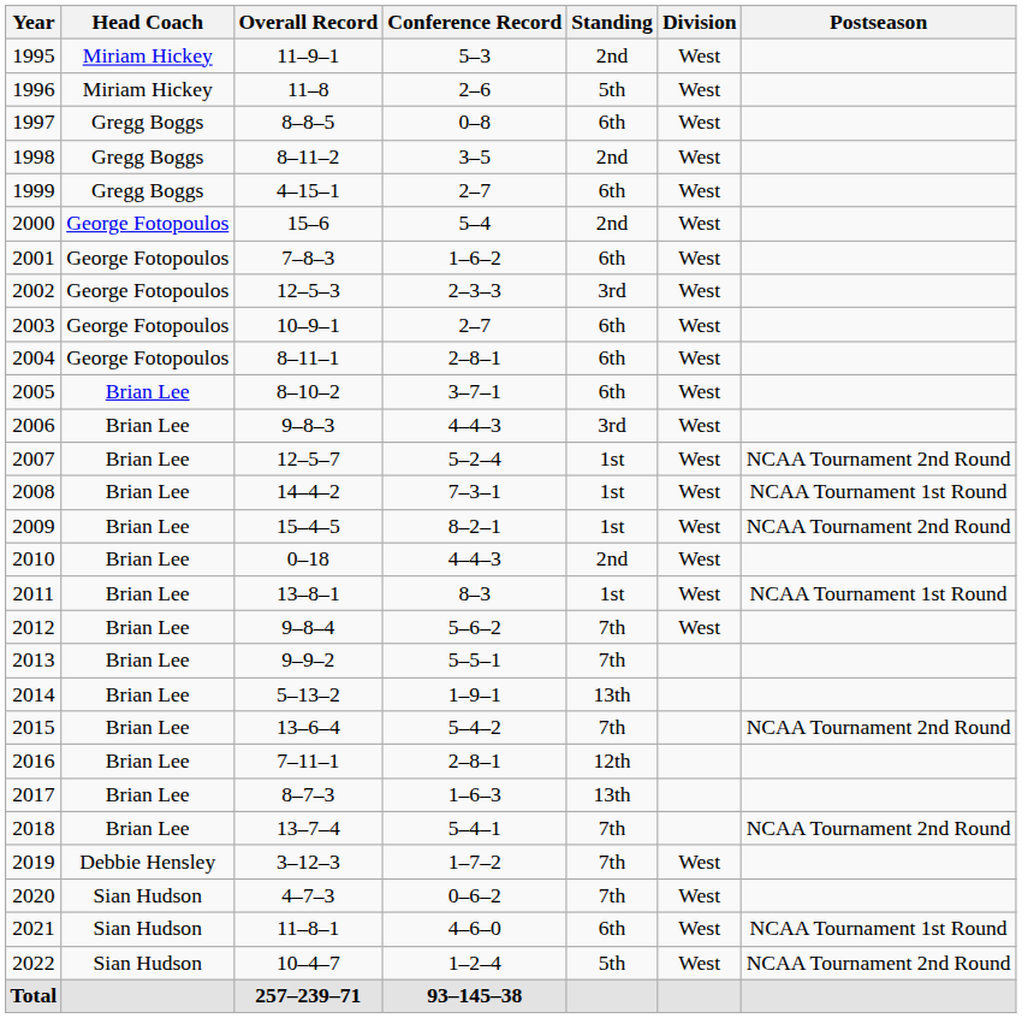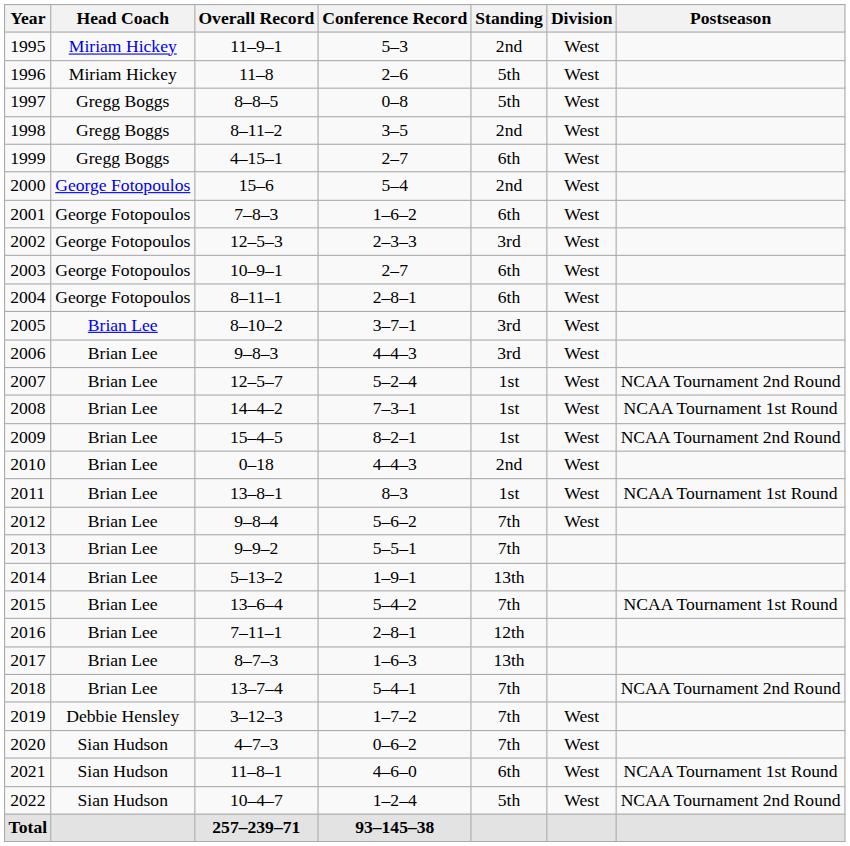 <table class="wikitable" style="text-align:center">
 <tr>
 <th width=px>Year</th>
 <th width=px>Head Coach</th>
 <th width=px>Overall Record</th>
 <th width=px>Conference Record</th>
 <th width=px>Standing</th>
 <th width=px>Division</th>
 <th width=px>Postseason<br></th>
 </tr>
 <tr>
 <td>1995</td>
 <td><a href='#'>Miriam Hickey</a></td>
 <td>11–9–1</td>
 <td>5–3</td>
 <td>2nd</td>
 <td>West</td>
 <td></td>
 </tr>
 <tr>
 <td>1996</td>
 <td>Miriam Hickey</td>
 <td>11–8</td>
 <td>2–6</td>
 <td>5th</td>
 <td>West</td>
 <td></td>
 </tr>
 <tr>
 <td>1997</td>
 <td>Gregg Boggs</td>
 <td>8–8–5</td>
 <td>0–8</td>
-<td>6th</td>
+<td>5th</td>
 <td>West</td>
 <td></td>
 </tr>
 <tr>
 <td>1998</td>
 <td>Gregg Boggs</td>
 <td>8–11–2</td>
 <td>3–5</td>
 <td>2nd</td>
 <td>West</td>
 <td></td>
 </tr>
 <tr>
 <td>1999</td>
 <td>Gregg Boggs</td>
 <td>4–15–1</td>
 <td>2–7</td>
 <td>6th</td>
 <td>West</td>
 <td></td>
 </tr>
 <tr>
 <td>2000</td>
 <td><a href='#'>George Fotopoulos</a></td>
 <td>15–6</td>
 <td>5–4</td>
 <td>2nd</td>
 <td>West</td>
 <td></td>
 </tr>
 <tr>
 <td>2001</td>
 <td>George Fotopoulos</td>
 <td>7–8–3</td>
 <td>1–6–2</td>
 <td>6th</td>
 <td>West</td>
 <td></td>
 </tr>
 <tr>
 <td>2002</td>
 <td>George Fotopoulos</td>
 <td>12–5–3</td>
 <td>2–3–3</td>
 <td>3rd</td>
 <td>West</td>
 <td></td>
 </tr>
 <tr>
 <td>2003</td>
 <td>George Fotopoulos</td>
 <td>10–9–1</td>
 <td>2–7</td>
 <td>6th</td>
 <td>West</td>
 <td></td>
 </tr>
 <tr>
 <td>2004</td>
 <td>George Fotopoulos </td>
 <td>8–11–1</td>
 <td>2–8–1</td>
 <td>6th</td>
 <td>West</td>
 <td></td>
 </tr>
 <tr>
 <td>2005</td>
 <td><a href='#'>Brian Lee</a></td>
 <td>8–10–2</td>
 <td>3–7–1</td>
-<td>6th</td>
+<td>3rd</td>
 <td>West</td>
 <td></td>
 </tr>
 <tr>
 <td>2006</td>
 <td>Brian Lee</td>
 <td>9–8–3</td>
 <td>4–4–3</td>
 <td>3rd</td>
 <td>West</td>
 <td></td>
 </tr>
 <tr>
 <td>2007</td>
 <td>Brian Lee</td>
 <td>12–5–7</td>
 <td>5–2–4</td>
 <td>1st</td>
 <td>West</td>
 <td>NCAA Tournament 2nd Round</td>
 </tr>
 <tr>
 <td>2008</td>
 <td>Brian Lee</td>
 <td>14–4–2</td>
 <td>7–3–1</td>
 <td>1st</td>
 <td>West</td>
 <td>NCAA Tournament 1st Round</td>
 </tr>
 <tr>
 <td>2009</td>
 <td>Brian Lee</td>
 <td>15–4–5</td>
 <td>8–2–1</td>
 <td>1st</td>
 <td>West</td>
 <td>NCAA Tournament 2nd Round</td>
 </tr>
 <tr>
 <td>2010</td>
 <td>Brian Lee</td>
 <td>0–18</td>
 <td>4–4–3</td>
 <td>2nd</td>
 <td>West</td>
 <td></td>
 </tr>
 <tr>
 <td>2011</td>
 <td>Brian Lee</td>
 <td>13–8–1</td>
 <td>8–3</td>
 <td>1st</td>
 <td>West</td>
 <td>NCAA Tournament 1st Round</td>
 </tr>
 <tr>
 <td>2012</td>
 <td>Brian Lee</td>
 <td>9–8–4</td>
 <td>5–6–2</td>
 <td>7th</td>
 <td>West</td>
 <td></td>
 </tr>
 <tr>
 <td>2013</td>
 <td>Brian Lee</td>
 <td>9–9–2</td>
 <td>5–5–1</td>
 <td>7th</td>
 <td></td>
 <td></td>
 </tr>
 <tr>
 <td>2014</td>
 <td>Brian Lee</td>
 <td>5–13–2</td>
 <td>1–9–1</td>
 <td>13th</td>
 <td></td>
 <td></td>
 </tr>
 <tr>
 <td>2015</td>
 <td>Brian Lee</td>
 <td>13–6–4</td>
 <td>5–4–2</td>
 <td>7th</td>
 <td></td>
-<td>NCAA Tournament 2nd Round</td>
+<td>NCAA Tournament 1st Round</td>
 </tr>
 <tr>
 <td>2016</td>
 <td>Brian Lee</td>
 <td>7–11–1</td>
 <td>2–8–1</td>
 <td>12th</td>
 <td></td>
 <td></td>
 </tr>
 <tr>
 <td>2017</td>
 <td>Brian Lee</td>
 <td>8–7–3</td>
 <td>1–6–3</td>
 <td>13th</td>
 <td></td>
 <td></td>
 </tr>
 <tr>
 <td>2018</td>
 <td>Brian Lee</td>
 <td>13–7–4</td>
 <td>5–4–1</td>
 <td>7th</td>
 <td></td>
 <td>NCAA Tournament 2nd Round</td>
 </tr>
 <tr>
 <td>2019</td>
 <td>Debbie Hensley </td>
 <td>3–12–3</td>
 <td>1–7–2</td>
 <td>7th</td>
 <td>West</td>
 <td></td>
 </tr>
 <tr>
 <td>2020 </td>
 <td>Sian Hudson </td>
 <td>4–7–3</td>
 <td>0–6–2</td>
 <td>7th</td>
 <td>West</td>
 <td></td>
 </tr>
 <tr>
 <td>2021</td>
 <td>Sian Hudson</td>
 <td>11–8–1</td>
 <td>4–6–0</td>
 <td>6th</td>
 <td>West</td>
 <td>NCAA Tournament 1st Round</td>
 </tr>
 <tr>
 <td>2022</td>
 <td>Sian Hudson</td>
 <td>10–4–7</td>
 <td>1–2–4</td>
 <td>5th</td>
 <td>West</td>
 <td>NCAA Tournament 2nd Round</td>
 </tr>
 <tr style="background: #e3e3e3;">
 <td><strong>Total</strong></td>
 <td></td>
 <td><strong>257–239–71</strong></td>
 <td><strong>93–145–38</strong></td>
 <td></td>
 <td></td>
 <td></td>
 </tr>
 <tr>
 </tr>
 </table>
